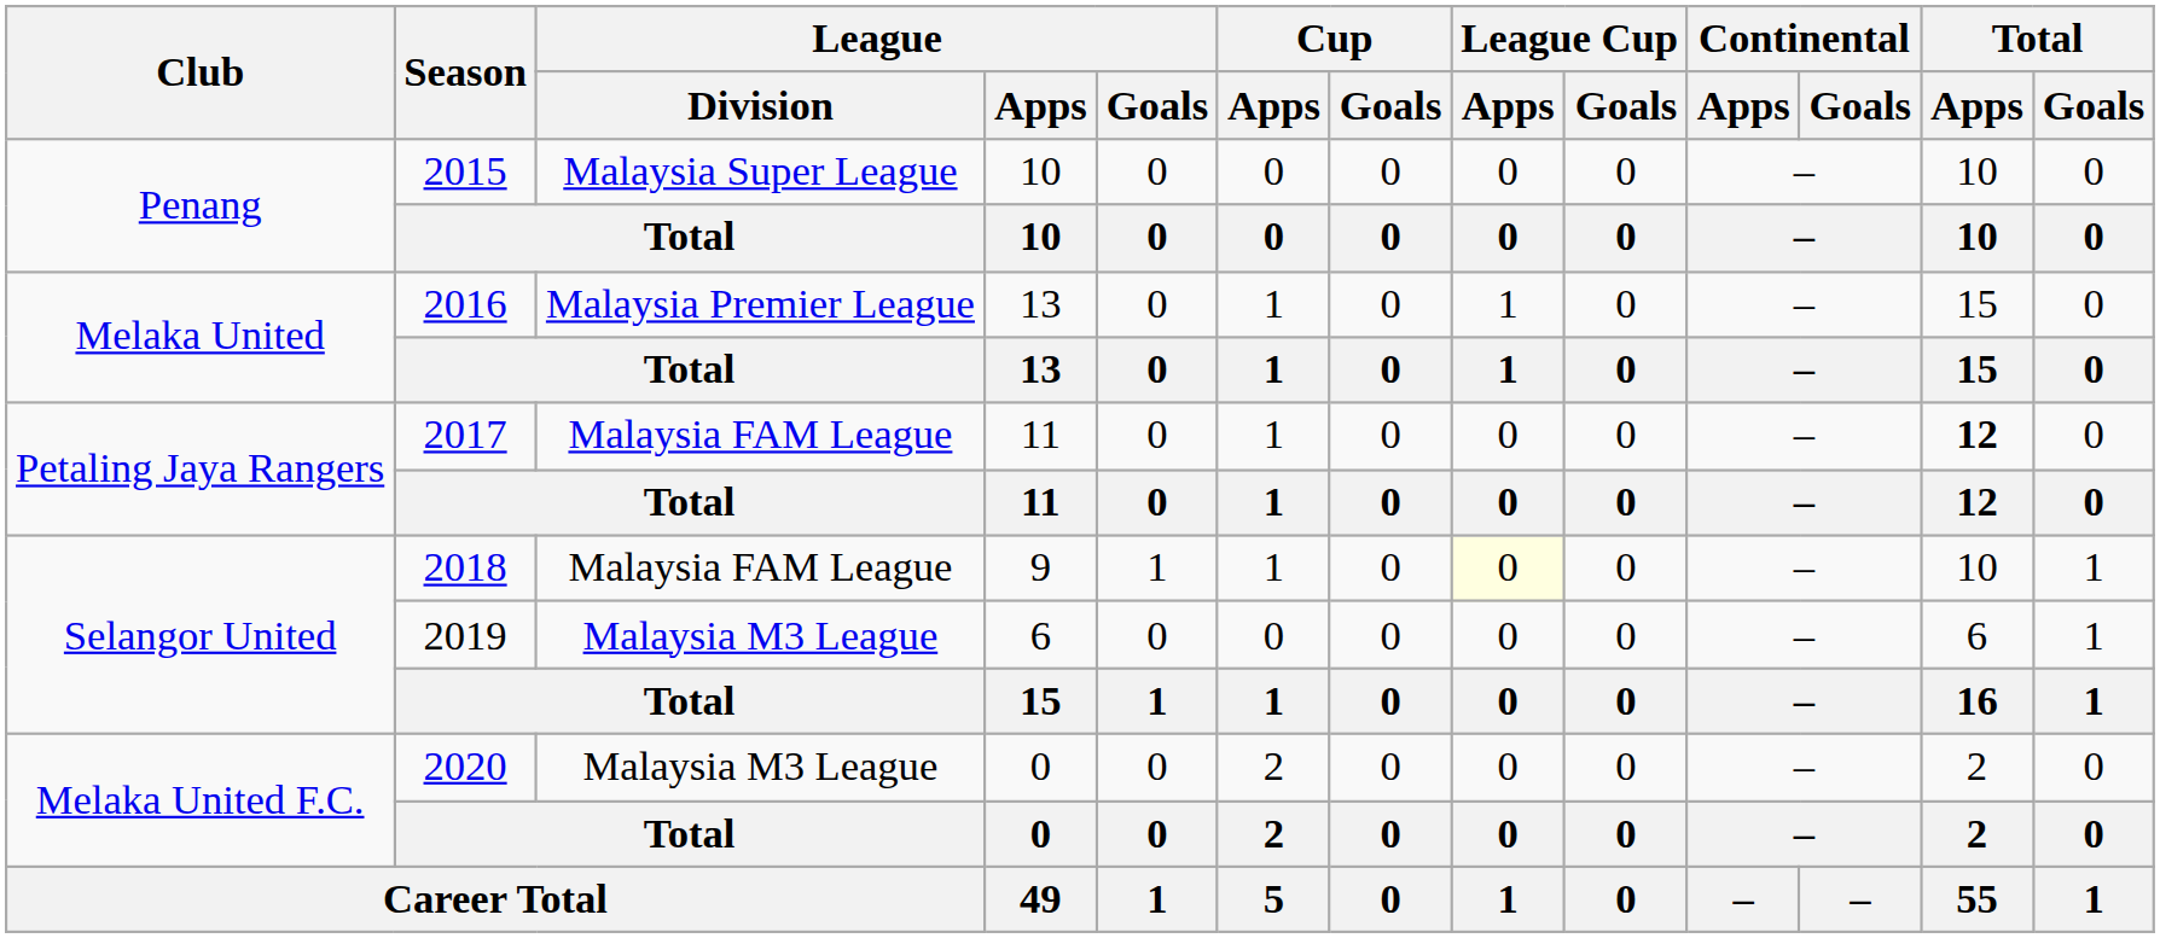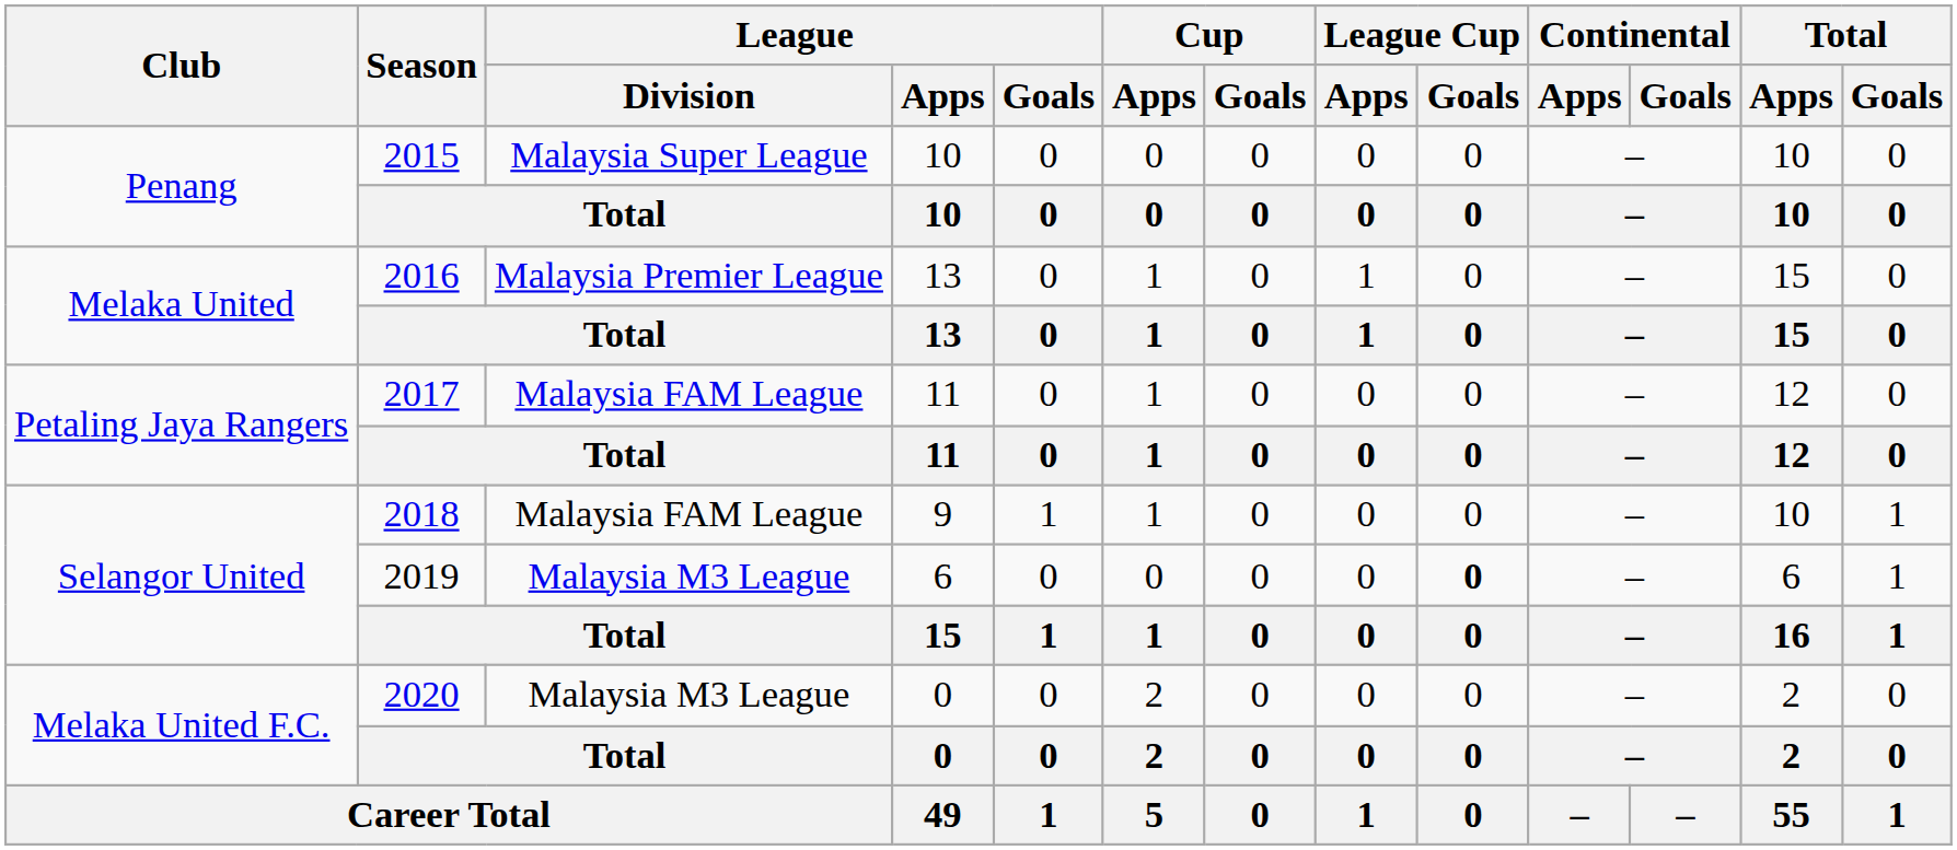 <table class=wikitable style="text-align:center">
 <tr>
 <th rowspan=2>Club</th>
 <th rowspan=2>Season</th>
 <th colspan=3>League</th>
 <th colspan=2>Cup</th>
 <th colspan=2>League Cup</th>
 <th colspan=2>Continental</th>
 <th colspan=2>Total</th>
 </tr>
 <tr>
 <th>Division</th>
 <th>Apps</th>
 <th>Goals</th>
 <th>Apps</th>
 <th>Goals</th>
 <th>Apps</th>
 <th>Goals</th>
 <th>Apps</th>
 <th>Goals</th>
 <th>Apps</th>
 <th>Goals</th>
 </tr>
 <tr>
 <td rowspan=2><a href='#'>Penang</a></td>
 <td><a href='#'>2015</a></td>
 <td><a href='#'>Malaysia Super League</a></td>
 <td>10</td>
 <td>0</td>
 <td>0</td>
 <td>0</td>
 <td>0</td>
 <td>0</td>
 <td colspan=2>–</td>
 <td>10</td>
 <td>0</td>
 </tr>
 <tr>
 <th colspan="2">Total</th>
 <th>10</th>
 <th>0</th>
 <th>0</th>
 <th>0</th>
 <th>0</th>
 <th>0</th>
 <th colspan=2>–</th>
 <th>10</th>
 <th>0</th>
 </tr>
 <tr>
 <td rowspan=2><a href='#'>Melaka United</a></td>
 <td><a href='#'>2016</a></td>
 <td><a href='#'>Malaysia Premier League</a></td>
 <td>13</td>
 <td>0</td>
 <td>1</td>
 <td>0</td>
 <td>1</td>
 <td>0</td>
 <td colspan=2>–</td>
 <td>15</td>
 <td>0</td>
 </tr>
 <tr>
 <th colspan="2">Total</th>
 <th>13</th>
 <th>0</th>
 <th>1</th>
 <th>0</th>
 <th>1</th>
 <th>0</th>
 <th colspan=2>–</th>
 <th>15</th>
 <th>0</th>
 </tr>
 <tr>
 <td rowspan=2><a href='#'>Petaling Jaya Rangers</a></td>
 <td><a href='#'>2017</a></td>
 <td><a href='#'>Malaysia FAM League</a></td>
 <td>11</td>
 <td>0</td>
 <td>1</td>
 <td>0</td>
 <td>0</td>
 <td>0</td>
 <td colspan=2>–</td>
-<td><strong>12</strong></td>
+<td>12</td>
 <td>0</td>
 </tr>
 <tr>
 <th colspan="2">Total</th>
 <th>11</th>
 <th>0</th>
 <th>1</th>
 <th>0</th>
 <th>0</th>
 <th>0</th>
 <th colspan=2>–</th>
 <th>12</th>
 <th>0</th>
 </tr>
 <tr>
 <td rowspan=3><a href='#'>Selangor United</a></td>
 <td><a href='#'>2018</a></td>
 <td>Malaysia FAM League</td>
 <td>9</td>
 <td>1</td>
 <td>1</td>
 <td>0</td>
-<td style="background: lightyellow;">0</td>
+<td>0</td>
 <td>0</td>
 <td colspan=2>–</td>
 <td>10</td>
 <td>1</td>
 </tr>
 <tr>
 <td>2019</td>
 <td><a href='#'>Malaysia M3 League</a></td>
 <td>6</td>
 <td>0</td>
 <td>0</td>
 <td>0</td>
 <td>0</td>
-<td>0</td>
+<td><strong>0</strong></td>
 <td colspan=2>–</td>
 <td>6</td>
 <td>1</td>
 </tr>
 <tr>
 <th colspan="2">Total</th>
 <th>15</th>
 <th>1</th>
 <th>1</th>
 <th>0</th>
 <th>0</th>
 <th>0</th>
 <th colspan=2>–</th>
 <th>16</th>
 <th>1</th>
 </tr>
 <tr>
 <td rowspan=2><a href='#'>Melaka United F.C.</a></td>
 <td><a href='#'>2020</a></td>
 <td>Malaysia M3 League</td>
 <td>0</td>
 <td>0</td>
 <td>2</td>
 <td>0</td>
 <td>0</td>
 <td>0</td>
 <td colspan=2>–</td>
 <td>2</td>
 <td>0</td>
 </tr>
 <tr>
 <th colspan="2">Total</th>
 <th>0</th>
 <th>0</th>
 <th>2</th>
 <th>0</th>
 <th>0</th>
 <th>0</th>
 <th colspan=2>–</th>
 <th>2</th>
 <th>0</th>
 </tr>
 <tr>
 <th colspan="3">Career Total</th>
 <th>49</th>
 <th>1</th>
 <th>5</th>
 <th>0</th>
 <th>1</th>
 <th>0</th>
 <th>–</th>
 <th>–</th>
 <th>55</th>
 <th>1</th>
 </tr>
 </table>
